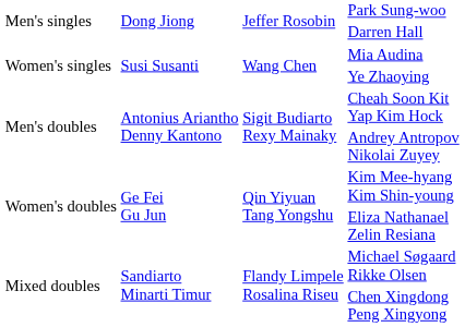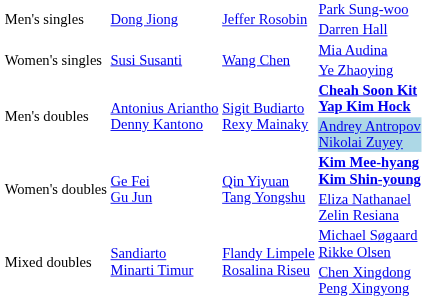 <table>
 <tr>
 <td rowspan=2>Men's singles</td>
 <td rowspan=2> <a href='#'>Dong Jiong</a></td>
 <td rowspan=2> <a href='#'>Jeffer Rosobin</a></td>
 <td> <a href='#'>Park Sung-woo</a></td>
 </tr>
 <tr>
 <td> <a href='#'>Darren Hall</a></td>
 </tr>
 <tr>
 <td rowspan=2>Women's singles</td>
 <td rowspan=2> <a href='#'>Susi Susanti</a></td>
 <td rowspan=2> <a href='#'>Wang Chen</a></td>
 <td> <a href='#'>Mia Audina</a></td>
 </tr>
 <tr>
 <td> <a href='#'>Ye Zhaoying</a></td>
 </tr>
 <tr>
 <td rowspan=2>Men's doubles</td>
 <td rowspan=2> <a href='#'>Antonius Ariantho</a><br> <a href='#'>Denny Kantono</a></td>
 <td rowspan=2> <a href='#'>Sigit Budiarto</a><br> <a href='#'>Rexy Mainaky</a></td>
-<td> <a href='#'>Cheah Soon Kit</a><br> <a href='#'>Yap Kim Hock</a></td>
+<td><strong> <a href='#'>Cheah Soon Kit</a><br> <a href='#'>Yap Kim Hock</a></strong></td>
 </tr>
 <tr>
-<td> <a href='#'>Andrey Antropov</a><br> <a href='#'>Nikolai Zuyey</a></td>
+<td style="background: lightblue;"> <a href='#'>Andrey Antropov</a><br> <a href='#'>Nikolai Zuyey</a></td>
 </tr>
 <tr>
 <td rowspan=2>Women's doubles</td>
 <td rowspan=2> <a href='#'>Ge Fei</a><br> <a href='#'>Gu Jun</a></td>
 <td rowspan=2> <a href='#'>Qin Yiyuan</a><br> <a href='#'>Tang Yongshu</a></td>
-<td> <a href='#'>Kim Mee-hyang</a><br> <a href='#'>Kim Shin-young</a></td>
+<td><strong> <a href='#'>Kim Mee-hyang</a><br> <a href='#'>Kim Shin-young</a></strong></td>
 </tr>
 <tr>
 <td> <a href='#'>Eliza Nathanael</a><br> <a href='#'>Zelin Resiana</a></td>
 </tr>
 <tr>
 <td rowspan=2>Mixed doubles</td>
 <td rowspan=2> <a href='#'>Sandiarto</a><br> <a href='#'>Minarti Timur</a></td>
 <td rowspan=2> <a href='#'>Flandy Limpele</a><br> <a href='#'>Rosalina Riseu</a></td>
 <td> <a href='#'>Michael Søgaard</a><br> <a href='#'>Rikke Olsen</a></td>
 </tr>
 <tr>
 <td> <a href='#'>Chen Xingdong</a><br> <a href='#'>Peng Xingyong</a></td>
 </tr>
 </table>
